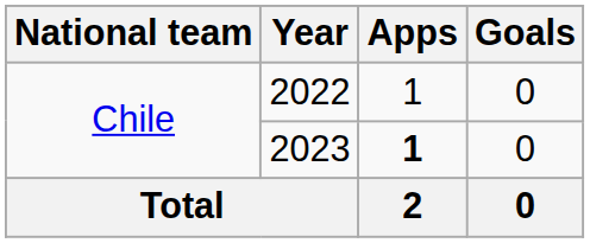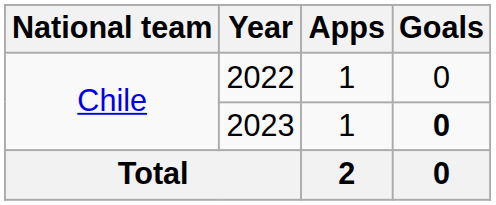 <table class=wikitable style=text-align:center>
 <tr>
 <th>National team</th>
 <th>Year</th>
 <th>Apps</th>
 <th>Goals</th>
 </tr>
 <tr>
 <td rowspan="2"><a href='#'>Chile</a></td>
 <td>2022</td>
 <td>1</td>
 <td>0</td>
 </tr>
 <tr>
 <td>2023</td>
-<td><strong>1</strong></td>
-<td>0</td>
+<td>1</td>
+<td><strong>0</strong></td>
 </tr>
 <tr>
 <th colspan=2>Total</th>
 <th>2</th>
 <th>0</th>
 </tr>
 </table>
